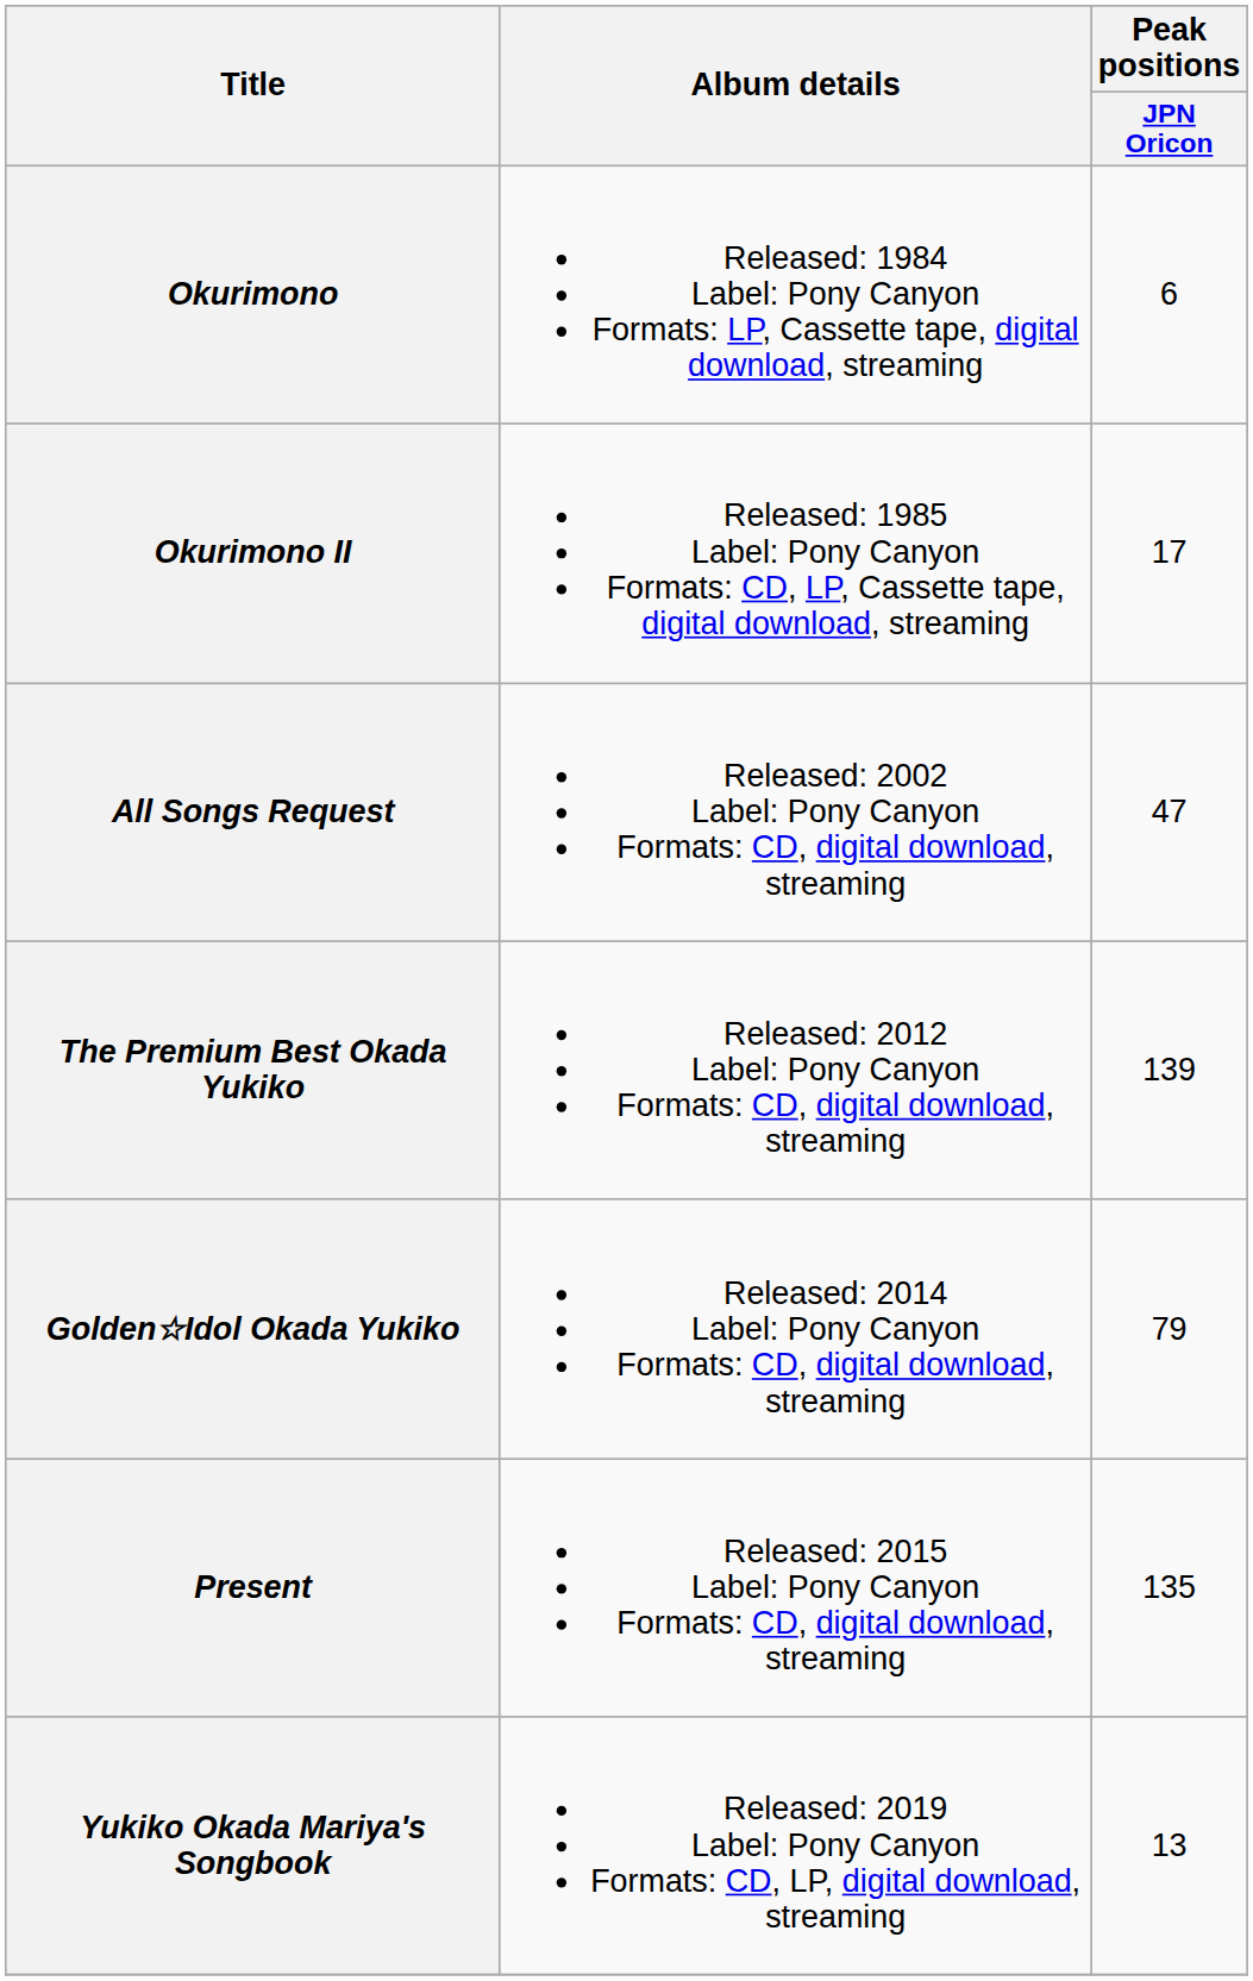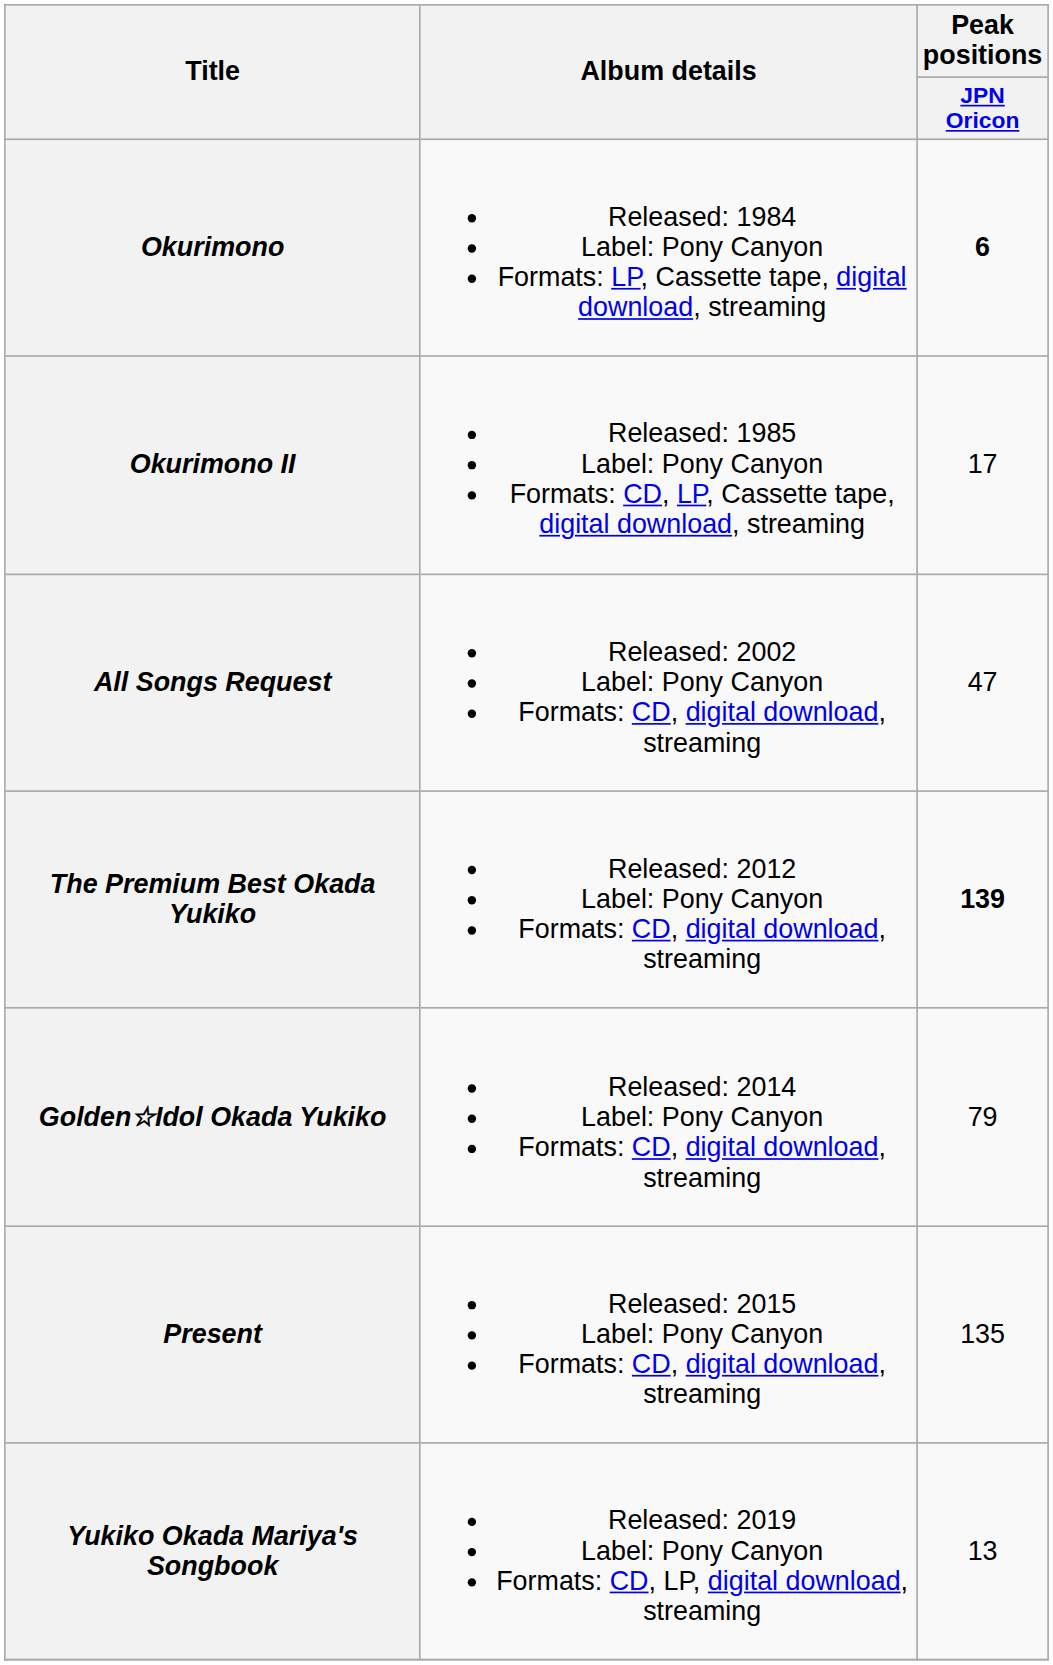 <table class="wikitable plainrowheaders" style="text-align:center;">
 <tr>
 <th style="width:15em;" rowspan="2">Title</th>
 <th style="width:18em;" rowspan="2">Album details</th>
 <th colspan="1">Peak positions</th>
 </tr>
 <tr>
 <th style="width:3em;font-size:85%"><a href='#'>JPN<br>Oricon</a><br></th>
 </tr>
 <tr>
 <th scope="row"><em>Okurimono</em></th>
 <td><br><ul><li>Released: 1984</li><li>Label: Pony Canyon</li><li>Formats: <a href='#'>LP</a>, Cassette tape, <a href='#'>digital download</a>, streaming</li></ul></td>
-<td>6</td>
+<td><strong>6</strong></td>
 </tr>
 <tr>
 <th scope="row"><em>Okurimono II</em></th>
 <td><br><ul><li>Released: 1985</li><li>Label: Pony Canyon</li><li>Formats: <a href='#'>CD</a>, <a href='#'>LP</a>, Cassette tape, <a href='#'>digital download</a>, streaming</li></ul></td>
 <td>17</td>
 </tr>
 <tr>
 <th scope="row"><em>All Songs Request</em></th>
 <td><br><ul><li>Released: 2002</li><li>Label: Pony Canyon</li><li>Formats: <a href='#'>CD</a>, <a href='#'>digital download</a>, streaming</li></ul></td>
 <td>47</td>
 </tr>
 <tr>
 <th scope="row"><em>The Premium Best Okada Yukiko</em></th>
 <td><br><ul><li>Released: 2012</li><li>Label: Pony Canyon</li><li>Formats: <a href='#'>CD</a>, <a href='#'>digital download</a>, streaming</li></ul></td>
-<td>139</td>
+<td><strong>139</strong></td>
 </tr>
 <tr>
 <th scope="row"><em>Golden☆Idol Okada Yukiko</em></th>
 <td><br><ul><li>Released: 2014</li><li>Label: Pony Canyon</li><li>Formats: <a href='#'>CD</a>, <a href='#'>digital download</a>, streaming</li></ul></td>
 <td>79</td>
 </tr>
 <tr>
 <th scope="row"><em>Present</em></th>
 <td><br><ul><li>Released: 2015</li><li>Label: Pony Canyon</li><li>Formats: <a href='#'>CD</a>, <a href='#'>digital download</a>, streaming</li></ul></td>
 <td>135</td>
 </tr>
 <tr>
 <th scope="row"><em>Yukiko Okada  Mariya's Songbook</em></th>
 <td><br><ul><li>Released: 2019</li><li>Label: Pony Canyon</li><li>Formats: <a href='#'>CD</a>, LP, <a href='#'>digital download</a>, streaming</li></ul></td>
 <td>13</td>
 </tr>
 <tr>
 </tr>
 </table>
